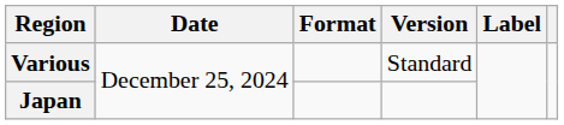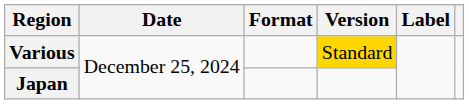 <table class="wikitable plainrowheaders">
 <tr>
 <th scope="col">Region</th>
 <th scope="col">Date</th>
 <th scope="col">Format</th>
 <th scope="col">Version</th>
 <th scope="col">Label</th>
 <th scope="col"></th>
 </tr>
 <tr>
 <th scope="row">Various</th>
 <td rowspan="2">December 25, 2024</td>
 <td></td>
-<td>Standard</td>
+<td style="background: gold;">Standard</td>
 <td rowspan="2"></td>
 <td style="text-align:center" rowspan="2"></td>
 </tr>
 <tr>
 <th scope="row">Japan</th>
 <td rowspan="2"></td>
 <td></td>
 </tr>
 </table>
